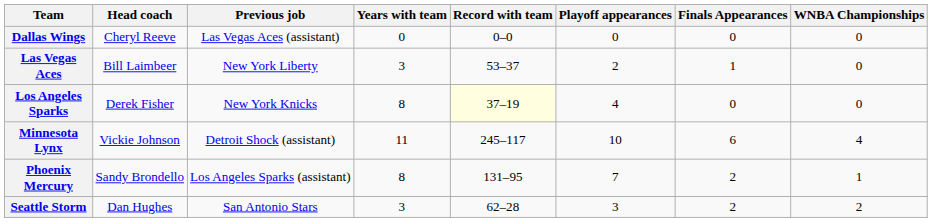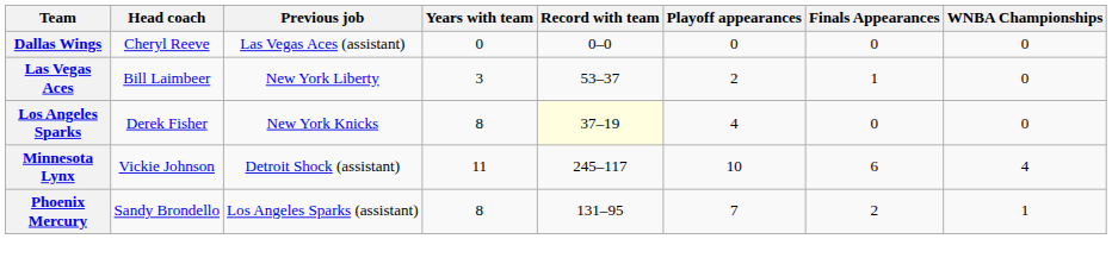 <table class="wikitable sortable" style="text-align: center;font-size:90%;">
 <tr>
 <th width="90">Team</th>
 <th>Head coach</th>
 <th>Previous job</th>
 <th>Years with team</th>
 <th>Record with team</th>
 <th>Playoff appearances</th>
 <th>Finals Appearances</th>
 <th>WNBA Championships</th>
 </tr>
 <tr>
 <th><a href='#'><span>Dallas Wings</span></a></th>
 <td><a href='#'>Cheryl Reeve</a></td>
 <td><a href='#'>Las Vegas Aces</a> (assistant)</td>
 <td>0</td>
 <td>0–0</td>
 <td>0</td>
 <td>0</td>
 <td>0</td>
 </tr>
 <tr>
 <th><a href='#'><span>Las Vegas Aces</span></a></th>
 <td><a href='#'>Bill Laimbeer</a></td>
 <td><a href='#'>New York Liberty</a></td>
 <td>3</td>
 <td>53–37</td>
 <td>2</td>
 <td>1</td>
 <td>0</td>
 </tr>
 <tr>
 <th><a href='#'><span>Los Angeles Sparks</span></a></th>
 <td><a href='#'>Derek Fisher</a></td>
 <td><a href='#'>New York Knicks</a></td>
 <td>8</td>
 <td style="background: lightyellow;">37–19</td>
 <td>4</td>
 <td>0</td>
 <td>0</td>
 </tr>
 <tr>
 <th><a href='#'><span>Minnesota Lynx</span></a></th>
 <td><a href='#'>Vickie Johnson</a></td>
 <td><a href='#'>Detroit Shock</a> (assistant)</td>
 <td>11</td>
 <td>245–117</td>
 <td>10</td>
 <td>6</td>
 <td>4</td>
 </tr>
 <tr>
 <th><a href='#'><span>Phoenix Mercury</span></a></th>
 <td><a href='#'>Sandy Brondello</a></td>
 <td><a href='#'>Los Angeles Sparks</a> (assistant)</td>
 <td>8</td>
 <td>131–95</td>
 <td>7</td>
 <td>2</td>
 <td>1</td>
 </tr>
-<tr>
-<th><a href='#'><span>Seattle Storm</span></a></th>
-<td><a href='#'>Dan Hughes</a></td>
-<td><a href='#'>San Antonio Stars</a></td>
-<td>3</td>
-<td>62–28</td>
-<td>3</td>
-<td>2</td>
-<td>2</td>
-</tr>
 </table>
